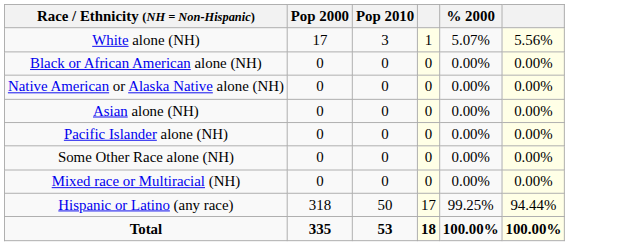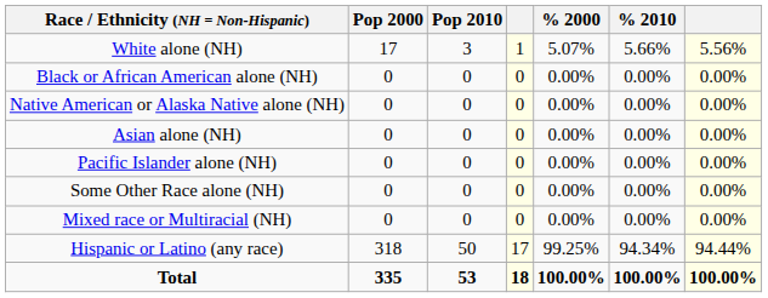 <table class="wikitable" style="text-align:center;">
 <tr>
 <th>Race / Ethnicity <small>(<em>NH = Non-Hispanic</em>)</small></th>
 <th>Pop 2000</th>
 <th>Pop 2010</th>
 <th></th>
 <th>% 2000</th>
+<th>% 2010</th>
 <th></th>
 </tr>
 <tr>
 <td><a href='#'>White</a> alone (NH)</td>
 <td>17</td>
 <td>3</td>
 <td style='background: #ffffe6;'>1</td>
 <td>5.07%</td>
+<td>5.66%</td>
 <td style='background: #ffffe6;'>5.56%</td>
 </tr>
 <tr>
 <td><a href='#'>Black or African American</a> alone (NH)</td>
 <td>0</td>
 <td>0</td>
 <td style='background: #ffffe6;'>0</td>
+<td>0.00%</td>
 <td>0.00%</td>
 <td style='background: #ffffe6;'>0.00%</td>
 </tr>
 <tr>
 <td><a href='#'>Native American</a> or <a href='#'>Alaska Native</a> alone (NH)</td>
 <td>0</td>
 <td>0</td>
 <td style='background: #ffffe6;'>0</td>
 <td>0.00%</td>
+<td>0.00%</td>
 <td style='background: #ffffe6;'>0.00%</td>
 </tr>
 <tr>
 <td><a href='#'>Asian</a> alone (NH)</td>
 <td>0</td>
 <td>0</td>
 <td style='background: #ffffe6;'>0</td>
+<td>0.00%</td>
 <td>0.00%</td>
 <td style='background: #ffffe6;'>0.00%</td>
 </tr>
 <tr>
 <td><a href='#'>Pacific Islander</a> alone (NH)</td>
 <td>0</td>
 <td>0</td>
 <td style='background: #ffffe6;'>0</td>
 <td>0.00%</td>
+<td>0.00%</td>
 <td style='background: #ffffe6;'>0.00%</td>
 </tr>
 <tr>
 <td>Some Other Race alone (NH)</td>
 <td>0</td>
 <td>0</td>
 <td style='background: #ffffe6;'>0</td>
+<td>0.00%</td>
 <td>0.00%</td>
 <td style='background: #ffffe6;'>0.00%</td>
 </tr>
 <tr>
 <td><a href='#'>Mixed race or Multiracial</a> (NH)</td>
 <td>0</td>
 <td>0</td>
 <td style='background: #ffffe6;'>0</td>
 <td>0.00%</td>
+<td>0.00%</td>
 <td style='background: #ffffe6;'>0.00%</td>
 </tr>
 <tr>
 <td><a href='#'>Hispanic or Latino</a> (any race)</td>
 <td>318</td>
 <td>50</td>
 <td style='background: #ffffe6;'>17</td>
 <td>99.25%</td>
+<td>94.34%</td>
 <td style='background: #ffffe6;'>94.44%</td>
 </tr>
 <tr>
 <td><strong>Total</strong></td>
 <td><strong>335</strong></td>
 <td><strong>53</strong></td>
 <td style='background: #ffffe6;'><strong>18</strong></td>
 <td><strong>100.00%</strong></td>
+<td><strong>100.00%</strong></td>
 <td style='background: #ffffe6;'><strong>100.00%</strong></td>
 </tr>
 </table>
